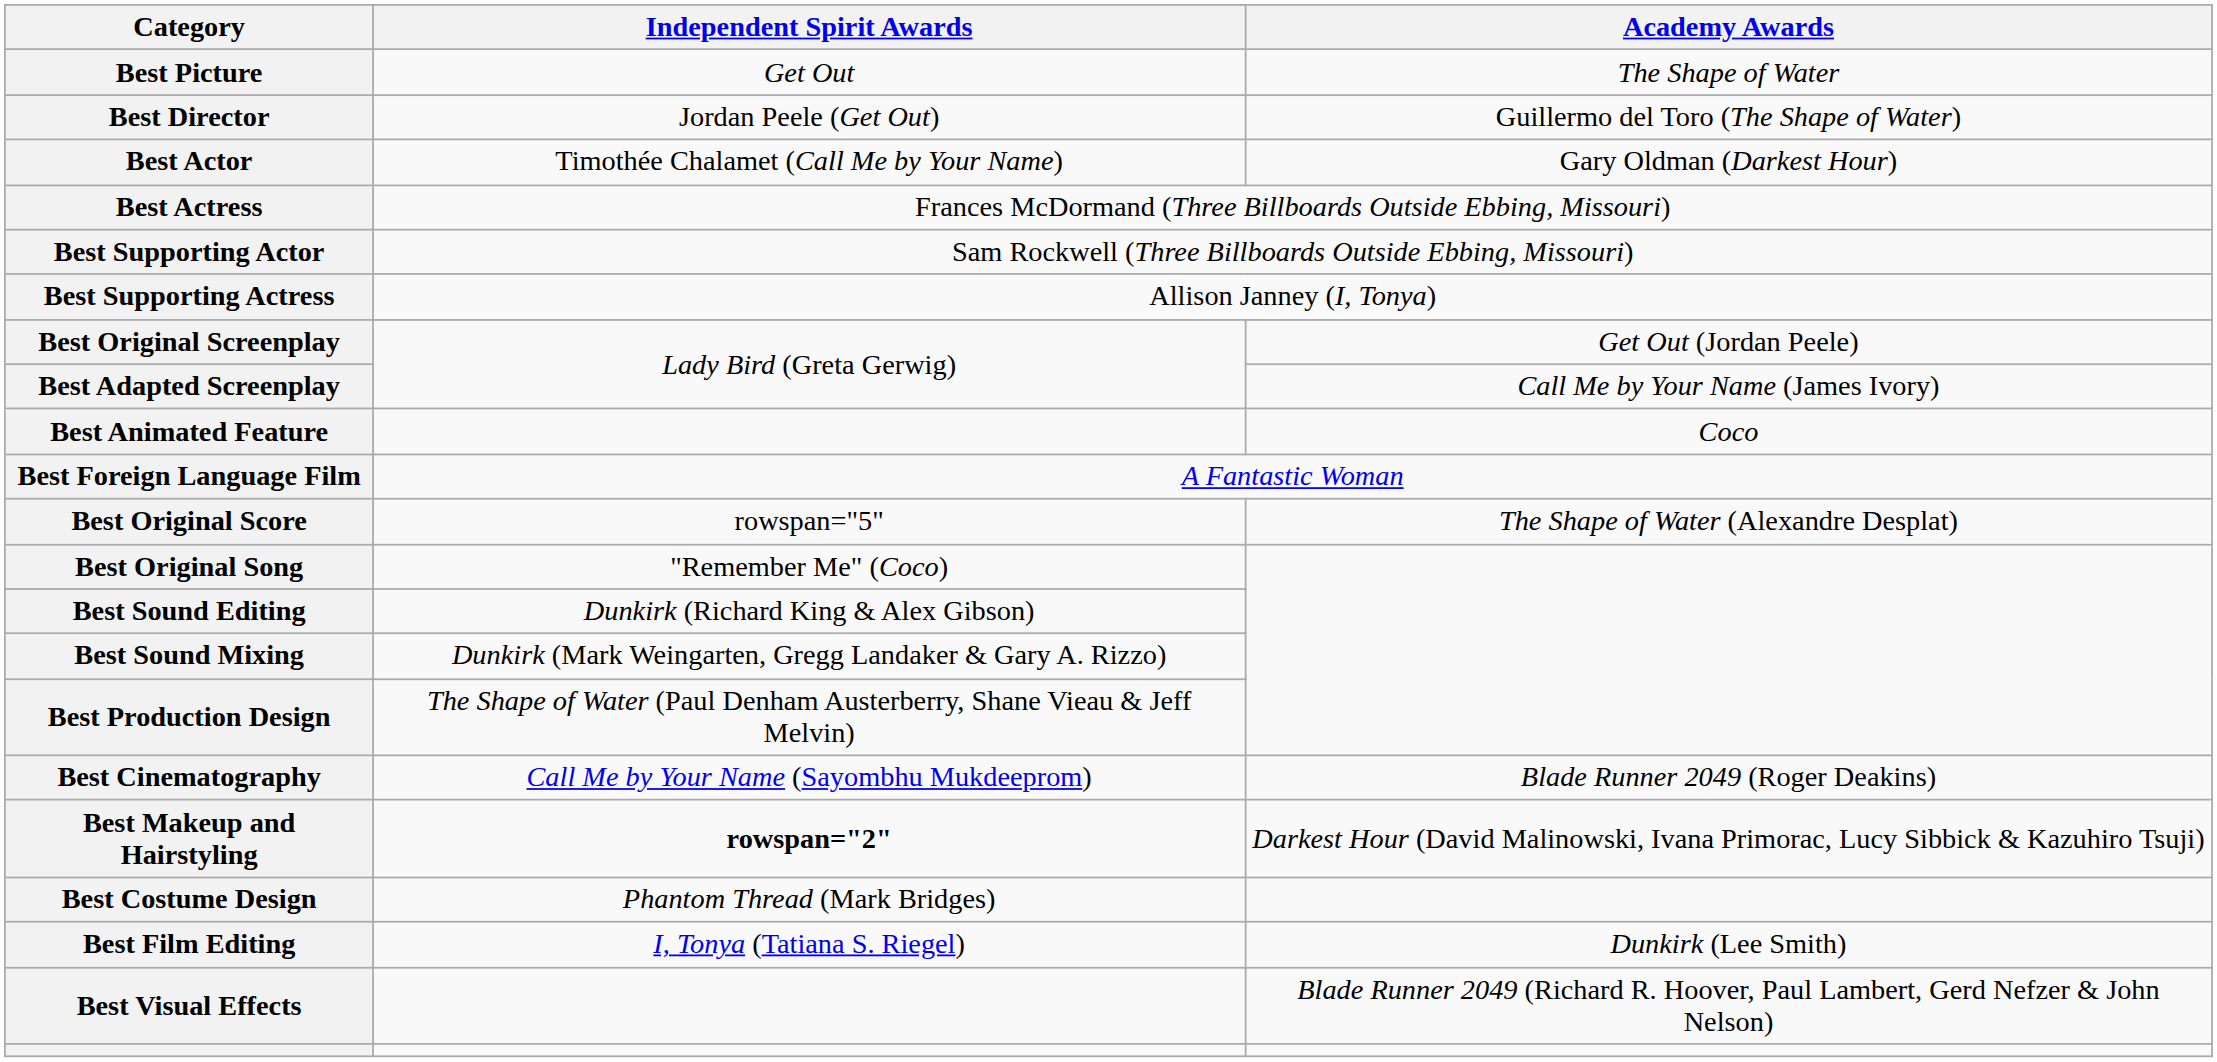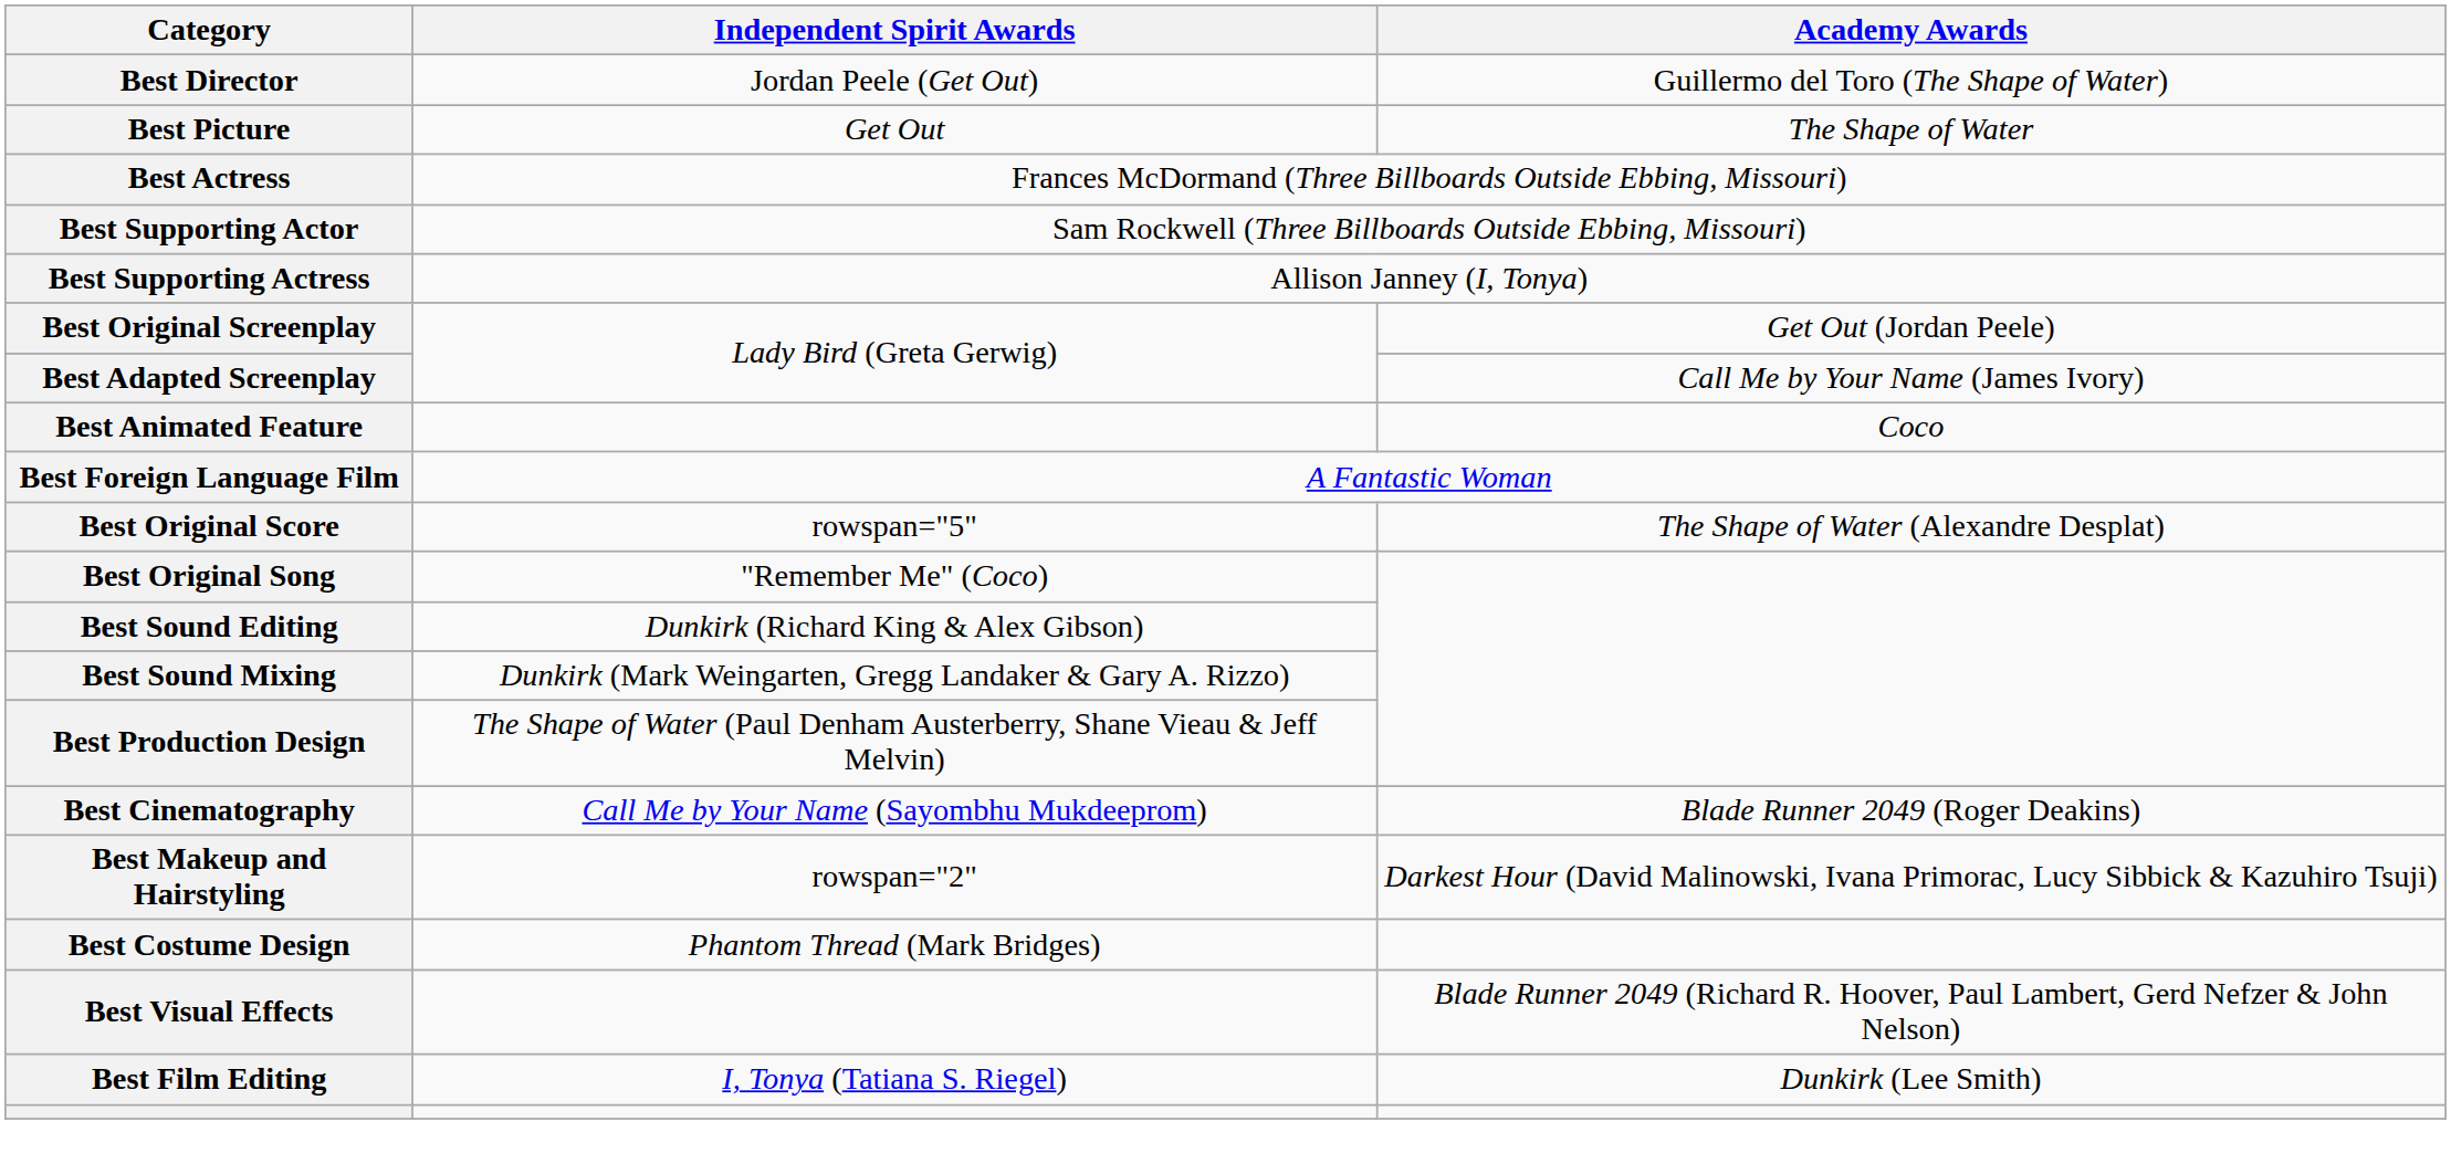 <table class="wikitable" style="text-align:center">
 <tr>
 <th>Category</th>
 <th><a href='#'>Independent Spirit Awards</a></th>
 <th><a href='#'>Academy Awards</a></th>
 </tr>
 <tr>
-<th scope="row">Best Picture</th>
-<td><em>Get Out</em></td>
-<td><em>The Shape of Water</em></td>
-</tr>
-<tr>
 <th scope="row">Best Director</th>
 <td>Jordan Peele (<em>Get Out</em>)</td>
 <td>Guillermo del Toro (<em>The Shape of Water</em>)</td>
 </tr>
 <tr>
-<th scope="row">Best Actor</th>
-<td>Timothée Chalamet (<em>Call Me by Your Name</em>)</td>
-<td>Gary Oldman (<em>Darkest Hour</em>)</td>
+<th scope="row">Best Picture</th>
+<td><em>Get Out</em></td>
+<td><em>The Shape of Water</em></td>
 </tr>
 <tr>
 <th scope="row">Best Actress</th>
 <td colspan="2">Frances McDormand (<em>Three Billboards Outside Ebbing, Missouri</em>)</td>
 </tr>
 <tr>
 <th scope="row">Best Supporting Actor</th>
 <td colspan="2">Sam Rockwell (<em>Three Billboards Outside Ebbing, Missouri</em>)</td>
 </tr>
 <tr>
 <th scope="row">Best Supporting Actress</th>
 <td colspan="2">Allison Janney (<em>I, Tonya</em>)</td>
 </tr>
 <tr>
 <th scope="row">Best Original Screenplay</th>
 <td rowspan="2"><em>Lady Bird</em> (Greta Gerwig)</td>
 <td><em>Get Out</em> (Jordan Peele)</td>
 </tr>
 <tr>
 <th scope="row">Best Adapted Screenplay</th>
 <td><em>Call Me by Your Name</em> (James Ivory)</td>
 </tr>
 <tr>
 <th scope="row">Best Animated Feature</th>
 <td></td>
 <td><em>Coco</em></td>
 </tr>
 <tr>
 <th scope="row">Best Foreign Language Film</th>
 <td colspan="2"><em><a href='#'>A Fantastic Woman</a></em></td>
 </tr>
 <tr>
 <th scope="row">Best Original Score</th>
 <td>rowspan="5" </td>
 <td><em>The Shape of Water</em> (Alexandre Desplat)</td>
 </tr>
 <tr>
 <th scope="row">Best Original Song</th>
 <td>"Remember Me" (<em>Coco</em>)</td>
 </tr>
 <tr>
 <th scope="row">Best Sound Editing</th>
 <td><em>Dunkirk</em> (Richard King & Alex Gibson)</td>
 </tr>
 <tr>
 <th scope="row">Best Sound Mixing</th>
 <td><em>Dunkirk</em> (Mark Weingarten, Gregg Landaker & Gary A. Rizzo)</td>
 </tr>
 <tr>
 <th scope="row">Best Production Design</th>
 <td><em>The Shape of Water</em> (Paul Denham Austerberry, Shane Vieau & Jeff Melvin)</td>
 </tr>
 <tr>
 <th scope="row">Best Cinematography</th>
 <td><em><a href='#'>Call Me by Your Name</a></em> (<a href='#'>Sayombhu Mukdeeprom</a>)</td>
 <td><em>Blade Runner 2049</em> (Roger Deakins)</td>
 </tr>
 <tr>
 <th scope="row">Best Makeup and Hairstyling</th>
-<td><strong>rowspan="2" </strong></td>
+<td>rowspan="2" </td>
 <td><em>Darkest Hour</em> (David Malinowski, Ivana Primorac, Lucy Sibbick & Kazuhiro Tsuji)</td>
 </tr>
 <tr>
 <th scope="row">Best Costume Design</th>
 <td><em>Phantom Thread</em> (Mark Bridges)</td>
 </tr>
 <tr>
+<th scope="row">Best Visual Effects</th>
+<td></td>
+<td><em>Blade Runner 2049</em> (Richard R. Hoover, Paul Lambert, Gerd Nefzer & John Nelson)</td>
+</tr>
+<tr>
 <th scope="row">Best Film Editing</th>
 <td><em><a href='#'>I, Tonya</a></em> (<a href='#'>Tatiana S. Riegel</a>)</td>
 <td><em>Dunkirk</em> (Lee Smith)</td>
-</tr>
-<tr>
-<th scope="row">Best Visual Effects</th>
-<td></td>
-<td><em>Blade Runner 2049</em> (Richard R. Hoover, Paul Lambert, Gerd Nefzer & John Nelson)</td>
 </tr>
 <tr>
 <th scope="row"></th>
 <td></td>
 <td></td>
 </tr>
 </table>
